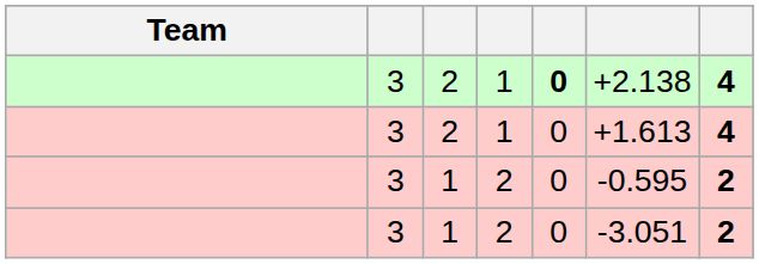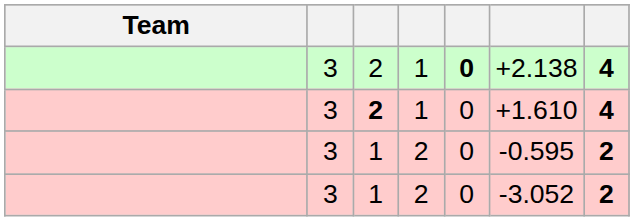 <table class="wikitable" style="text-align:center">
 <tr>
 <th style="width:175px;">Team</th>
 <th style="width:20px;"></th>
 <th style="width:20px;"></th>
 <th style="width:20px;"></th>
 <th style="width:20px;"></th>
 <th style="width:45px;"></th>
 <th style="width:20px;"></th>
 </tr>
 <tr style="background:#ccffcc">
 <td style="text-align:left"></td>
 <td>3</td>
 <td>2</td>
 <td>1</td>
 <td><strong>0</strong></td>
 <td>+2.138</td>
 <td><strong>4</strong></td>
 </tr>
 <tr style="background:#ffcccc">
 <td style="text-align:left"></td>
 <td>3</td>
-<td>2</td>
+<td><strong>2</strong></td>
 <td>1</td>
 <td>0</td>
-<td>+1.613</td>
+<td>+1.610</td>
 <td><strong>4</strong></td>
 </tr>
 <tr style="background:#ffcccc">
 <td style="text-align:left"></td>
 <td>3</td>
 <td>1</td>
 <td>2</td>
 <td>0</td>
 <td>-0.595</td>
 <td><strong>2</strong></td>
 </tr>
 <tr style="background:#ffcccc">
 <td style="text-align:left"></td>
 <td>3</td>
 <td>1</td>
 <td>2</td>
 <td>0</td>
-<td>-3.051</td>
+<td>-3.052</td>
 <td><strong>2</strong></td>
 </tr>
 </table>
